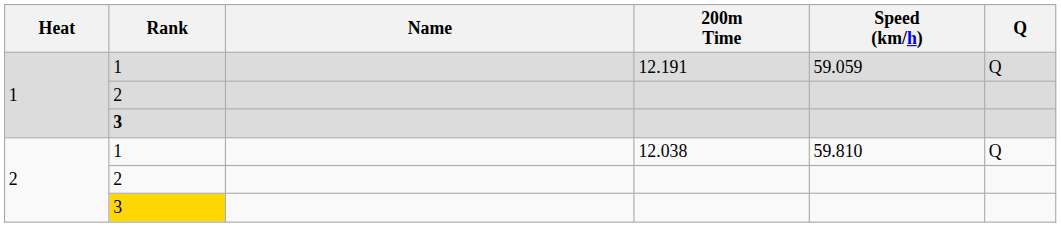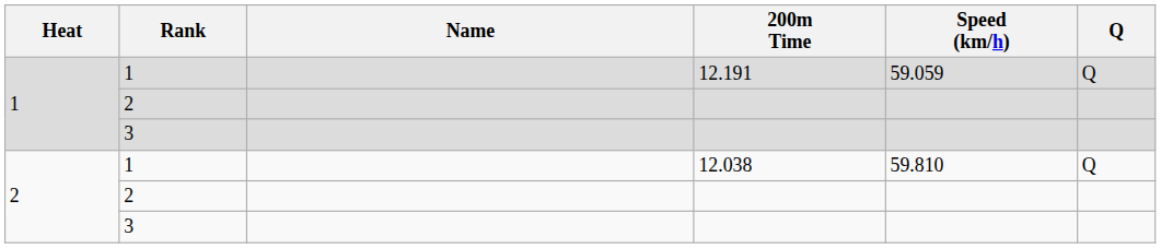 <table class="wikitable" width=75%>
 <tr>
 <th width=20>Heat</th>
 <th width=20>Rank</th>
 <th width=150>Name</th>
 <th width=60>200m<br>Time</th>
 <th width=60>Speed<br>(km/<a href='#'>h</a>)</th>
 <th width=20>Q</th>
 </tr>
 <tr bgcolor=dcdcdc>
 <td rowspan=3>1</td>
 <td>1</td>
 <td></td>
 <td>12.191</td>
 <td>59.059</td>
 <td>Q</td>
 </tr>
 <tr bgcolor=dcdcdc>
 <td>2</td>
 <td></td>
 <td></td>
 <td></td>
 <td></td>
 </tr>
 <tr bgcolor=dcdcdc>
-<td><strong>3</strong></td>
+<td>3</td>
 <td></td>
 <td></td>
 <td></td>
 <td></td>
 </tr>
 <tr>
 <td rowspan=3>2</td>
 <td>1</td>
 <td></td>
 <td>12.038</td>
 <td>59.810</td>
 <td>Q</td>
 </tr>
 <tr>
 <td>2</td>
 <td></td>
 <td></td>
 <td></td>
 <td></td>
 </tr>
 <tr>
-<td style="background: gold;">3</td>
+<td>3</td>
 <td></td>
 <td></td>
 <td></td>
 <td></td>
 </tr>
 </table>
